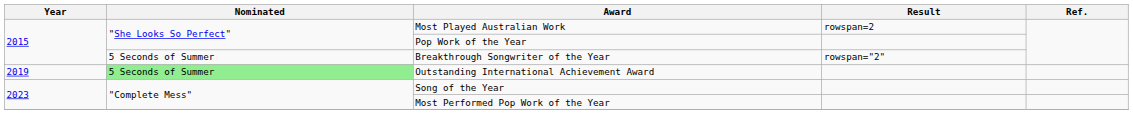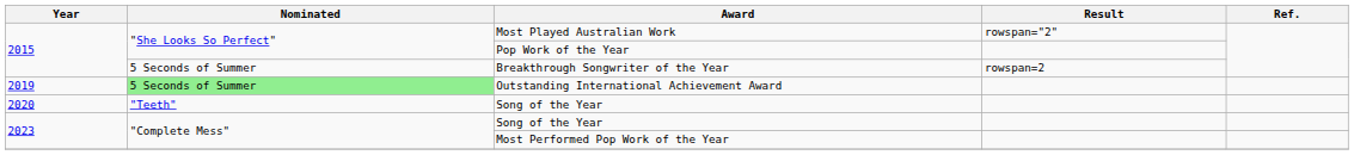 <table class="wikitable" style="width:100%;">
 <tr>
 <th width=5%>Year</th>
 <th style="width:15%;">Nominated</th>
 <th style="width:20%;">Award</th>
 <th style="width:10%;">Result</th>
 <th style="width:5%;">Ref.</th>
 </tr>
 <tr>
 <td rowspan="3"><a href='#'>2015</a></td>
 <td rowspan="2">"<a href='#'>She Looks So Perfect</a>"</td>
 <td>Most Played Australian Work</td>
-<td>rowspan=2 </td>
+<td>rowspan="2" </td>
 <td rowspan="3"></td>
 </tr>
 <tr>
 <td>Pop Work of the Year</td>
 </tr>
 <tr>
 <td>5 Seconds of Summer</td>
 <td>Breakthrough Songwriter of the Year</td>
-<td>rowspan="2" </td>
+<td>rowspan=2 </td>
 </tr>
 <tr>
 <td><a href='#'>2019</a></td>
 <td style="background: lightgreen;">5 Seconds of Summer</td>
 <td>Outstanding International Achievement Award</td>
+<td></td>
+</tr>
+<tr>
+<td><a href='#'>2020</a></td>
+<td><a href='#'>"Teeth"</a></td>
+<td>Song of the Year</td>
+<td></td>
 <td></td>
 </tr>
 <tr>
 <td rowspan="2"><a href='#'>2023</a></td>
 <td rowspan="2">"Complete Mess"</td>
 <td>Song of the Year</td>
 <td></td>
 <td></td>
 </tr>
 <tr>
 <td>Most Performed Pop Work of the Year</td>
 <td></td>
 <td></td>
 </tr>
 <tr>
 </tr>
 </table>
